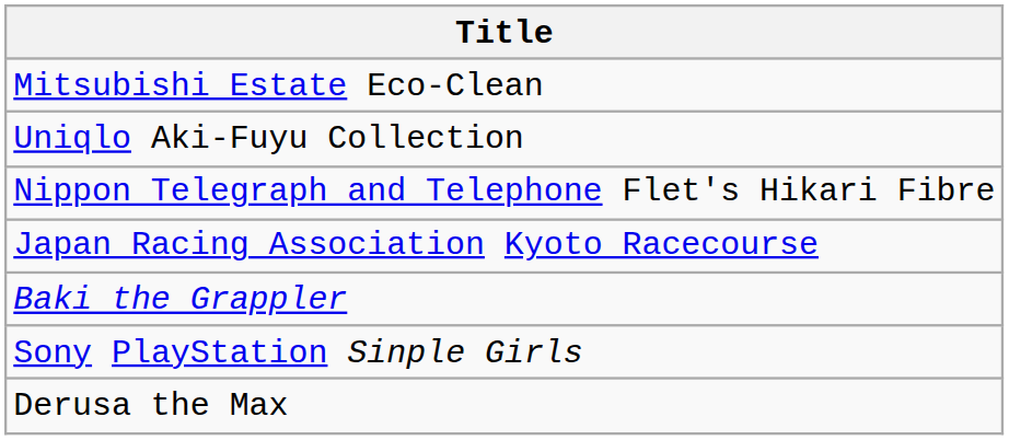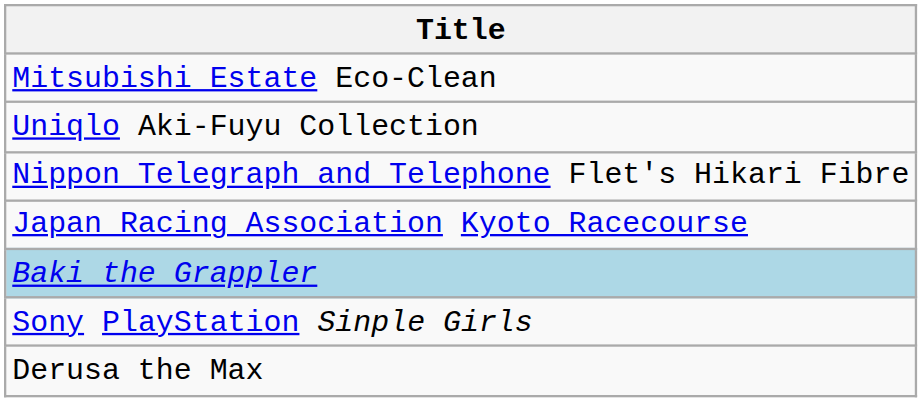 <table class="wikitable">
 <tr>
 <th>Title</th>
 </tr>
 <tr>
 <td><a href='#'>Mitsubishi Estate</a> Eco-Clean</td>
 </tr>
 <tr>
 <td><a href='#'>Uniqlo</a> Aki-Fuyu Collection</td>
 </tr>
 <tr>
 <td><a href='#'>Nippon Telegraph and Telephone</a> Flet's Hikari Fibre</td>
 </tr>
 <tr>
 <td><a href='#'>Japan Racing Association</a> <a href='#'>Kyoto Racecourse</a></td>
 </tr>
 <tr>
-<td><em><a href='#'>Baki the Grappler</a></em></td>
+<td style="background: lightblue;"><em><a href='#'>Baki the Grappler</a></em></td>
 </tr>
 <tr>
 <td><a href='#'>Sony</a> <a href='#'>PlayStation</a> <em>Sinple Girls</em></td>
 </tr>
 <tr>
 <td>Derusa the Max</td>
 </tr>
 </table>
